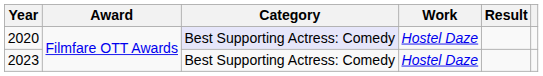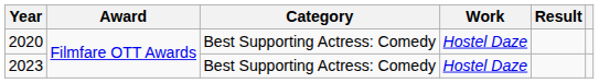 <table class="wikitable sortable plainrowheaders">
 <tr>
 <th scope="col">Year</th>
 <th scope="col">Award</th>
 <th scope="col">Category</th>
 <th scope="col">Work</th>
 <th scope="col">Result</th>
 <th scope="col"></th>
 </tr>
 <tr>
 <td>2020</td>
 <td rowspan="2"><a href='#'>Filmfare OTT Awards</a></td>
-<td style="background: lavender;">Best Supporting Actress: Comedy</td>
+<td>Best Supporting Actress: Comedy</td>
 <td><em><a href='#'>Hostel Daze</a></em></td>
 <td></td>
 <td></td>
 </tr>
 <tr>
 <td>2023</td>
 <td>Best Supporting Actress: Comedy</td>
 <td><em><a href='#'>Hostel Daze</a></em></td>
 <td></td>
 <td></td>
 </tr>
 </table>
